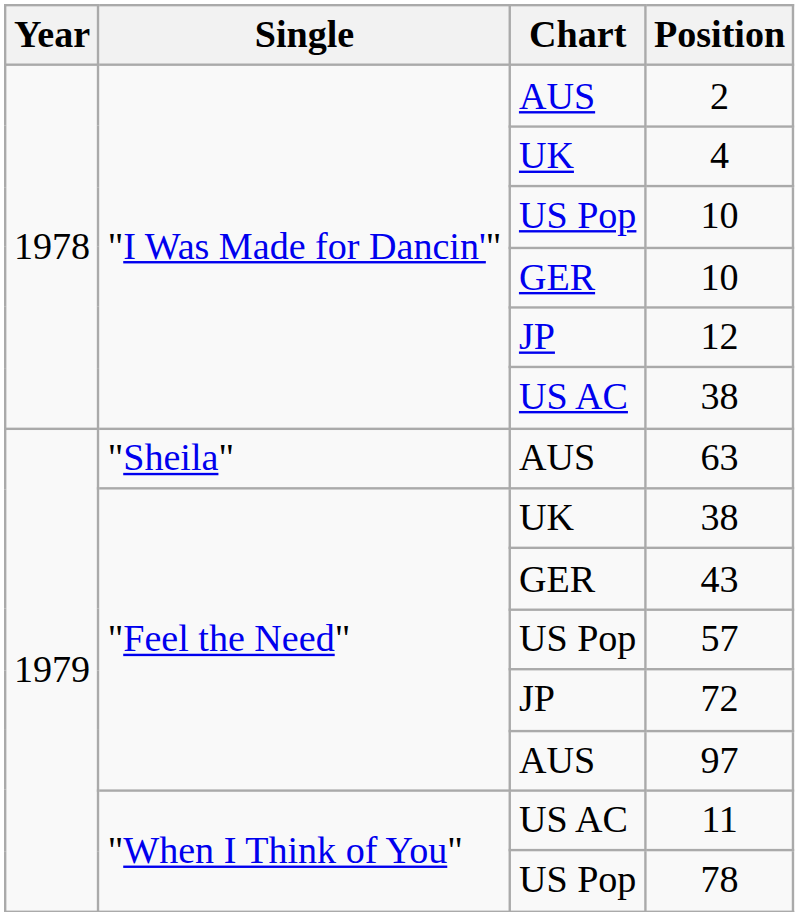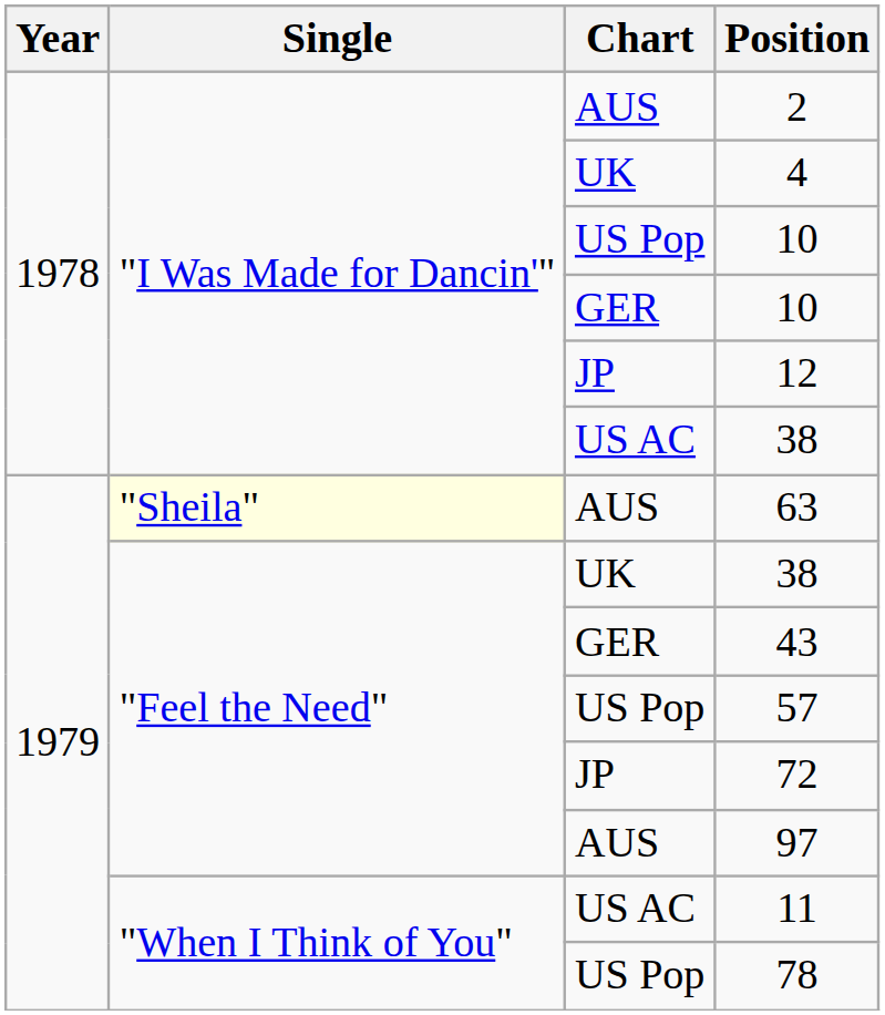 <table class="wikitable">
 <tr>
 <th>Year</th>
 <th>Single</th>
 <th>Chart</th>
 <th>Position</th>
 </tr>
 <tr>
 <td rowspan="6">1978</td>
 <td rowspan="6">"<a href='#'>I Was Made for Dancin'</a>"</td>
 <td rowspan="1"><a href='#'>AUS</a></td>
 <td align="center">2</td>
 </tr>
 <tr>
 <td rowspan="1"><a href='#'>UK</a></td>
 <td align="center">4</td>
 </tr>
 <tr>
 <td rowspan="1"><a href='#'>US Pop</a></td>
 <td align="center">10</td>
 </tr>
 <tr>
 <td rowspan="1"><a href='#'>GER</a></td>
 <td align="center">10</td>
 </tr>
 <tr>
 <td rowspan="1"><a href='#'>JP</a></td>
 <td align="center">12</td>
 </tr>
 <tr>
 <td rowspan="1"><a href='#'>US AC</a></td>
 <td align="center">38</td>
 </tr>
 <tr>
 <td rowspan="8">1979</td>
-<td rowspan="1">"<a href='#'>Sheila</a>"</td>
+<td rowspan="1" style="background: lightyellow;">"<a href='#'>Sheila</a>"</td>
 <td rowspan="1">AUS</td>
 <td align="center">63</td>
 </tr>
 <tr>
 <td rowspan="5">"<a href='#'>Feel the Need</a>"</td>
 <td rowspan="1">UK</td>
 <td align="center">38</td>
 </tr>
 <tr>
 <td rowspan="1">GER</td>
 <td align="center">43</td>
 </tr>
 <tr>
 <td rowspan="1">US Pop</td>
 <td align="center">57</td>
 </tr>
 <tr>
 <td rowspan="1">JP</td>
 <td align="center">72</td>
 </tr>
 <tr>
 <td rowspan="1">AUS</td>
 <td align="center">97</td>
 </tr>
 <tr>
 <td rowspan="2">"<a href='#'>When I Think of You</a>"</td>
 <td rowspan="1">US AC</td>
 <td align="center">11</td>
 </tr>
 <tr>
 <td rowspan="1">US Pop</td>
 <td align="center">78</td>
 </tr>
 <tr>
 </tr>
 </table>
